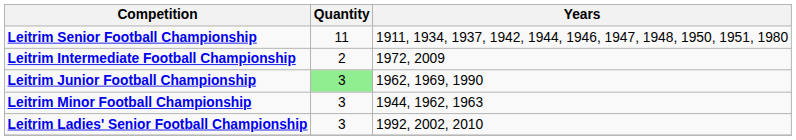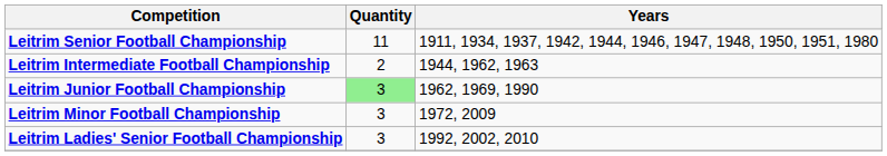 <table class="wikitable" style="text-align: center">
 <tr>
 <th rowspan="1">Competition</th>
 <th rowspan="1">Quantity</th>
 <th rowspan="1">Years</th>
 </tr>
 <tr>
 <td align=left><strong><a href='#'>Leitrim Senior Football Championship</a></strong></td>
 <td>11</td>
 <td align=left>1911, 1934, 1937, 1942, 1944, 1946, 1947, 1948, 1950, 1951, 1980</td>
 </tr>
 <tr>
 <td align=left><strong><a href='#'>Leitrim Intermediate Football Championship</a></strong></td>
 <td>2</td>
-<td align=left>1972, 2009</td>
+<td align=left>1944, 1962, 1963</td>
 </tr>
 <tr>
 <td align=left><strong><a href='#'>Leitrim Junior Football Championship</a></strong></td>
 <td style="background: lightgreen;">3</td>
 <td align=left>1962, 1969, 1990</td>
 </tr>
 <tr>
 <td align=left><strong><a href='#'>Leitrim Minor Football Championship</a></strong></td>
 <td>3</td>
-<td align=left>1944, 1962, 1963</td>
+<td align=left>1972, 2009</td>
 </tr>
 <tr>
 <td align=left><strong><a href='#'>Leitrim Ladies' Senior Football Championship</a></strong></td>
 <td>3</td>
 <td align=left>1992, 2002, 2010</td>
 </tr>
 <tr>
 </tr>
 </table>
